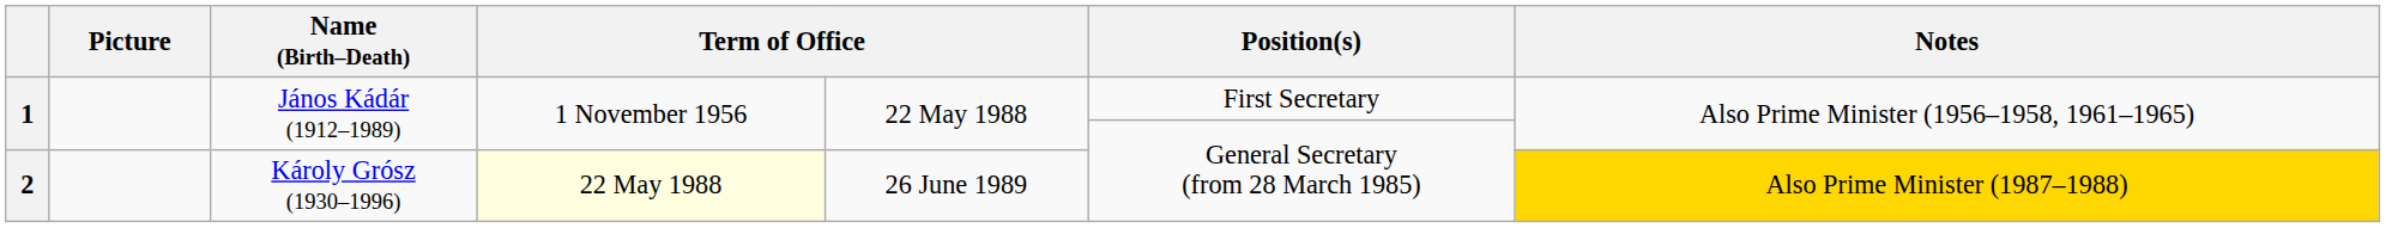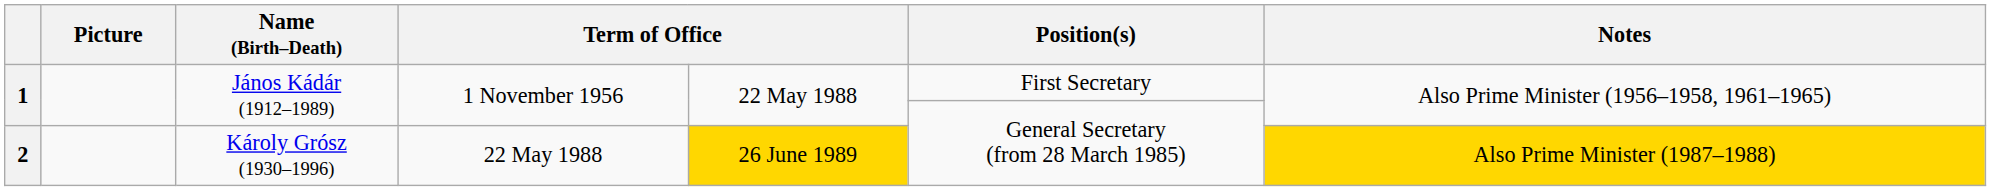 <table class="wikitable" style="width:90%; text-align:center;">
 <tr>
 <th></th>
 <th>Picture</th>
 <th>Name<br><small>(Birth–Death)</small></th>
 <th colspan=2>Term of Office</th>
 <th>Position(s)</th>
 <th>Notes</th>
 </tr>
 <tr>
 <th rowspan=2 style="background-color:">1</th>
 <td rowspan=2></td>
 <td rowspan=2><a href='#'>János Kádár</a><br><small>(1912–1989)</small></td>
 <td rowspan=2>1 November 1956</td>
 <td rowspan=2>22 May 1988</td>
 <td>First Secretary</td>
 <td rowspan=2>Also Prime Minister (1956–1958, 1961–1965)</td>
 </tr>
 <tr>
 <td rowspan=2>General Secretary<br>(from 28 March 1985)</td>
 </tr>
 <tr>
 <th style="background-color:">2</th>
 <td></td>
 <td><a href='#'>Károly Grósz</a><br><small>(1930–1996)</small></td>
-<td style="background: lightyellow;">22 May 1988</td>
-<td>26 June 1989</td>
+<td>22 May 1988</td>
+<td style="background: gold;">26 June 1989</td>
 <td style="background: gold;">Also Prime Minister (1987–1988)</td>
 </tr>
 </table>
